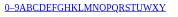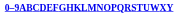 <table id="toc" class="toc" summary="Class">
 <tr>
 <th></th>
 </tr>
 <tr>
-<td style="text-align:center;"><a href='#'>0–9</a><a href='#'>A</a><a href='#'>B</a><a href='#'>C</a><a href='#'>D</a><a href='#'>E</a><a href='#'>F</a><a href='#'>G</a><a href='#'>H</a><a href='#'>K</a><a href='#'>L</a><a href='#'>M</a><a href='#'>N</a><a href='#'>O</a><a href='#'>P</a><a href='#'>Q</a><a href='#'>R</a><a href='#'>S</a><a href='#'>T</a><a href='#'>U</a><a href='#'>W</a><a href='#'>X</a><a href='#'>Y</a></td>
+<td style="text-align:center;"><strong><a href='#'>0–9</a><a href='#'>A</a><a href='#'>B</a><a href='#'>C</a><a href='#'>D</a><a href='#'>E</a><a href='#'>F</a><a href='#'>G</a><a href='#'>H</a><a href='#'>K</a><a href='#'>L</a><a href='#'>M</a><a href='#'>N</a><a href='#'>O</a><a href='#'>P</a><a href='#'>Q</a><a href='#'>R</a><a href='#'>S</a><a href='#'>T</a><a href='#'>U</a><a href='#'>W</a><a href='#'>X</a><a href='#'>Y</a></strong></td>
 </tr>
 </table>
